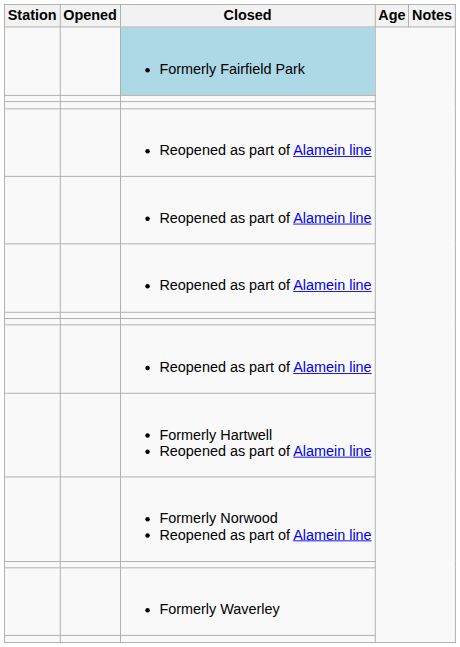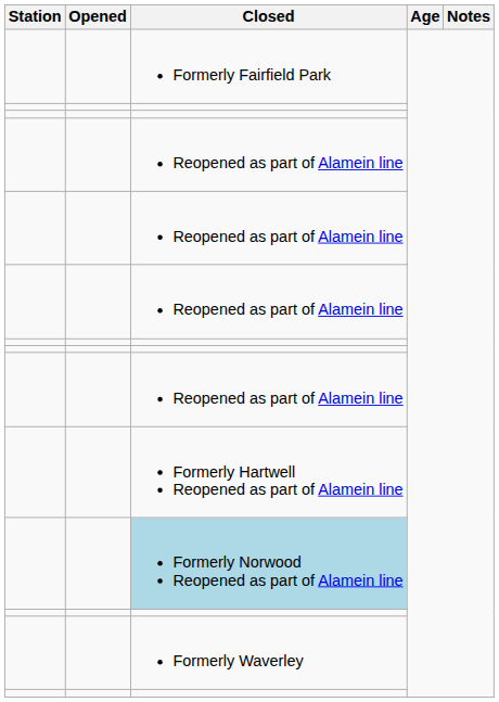 <table class="wikitable sortable">
 <tr>
 <th>Station</th>
 <th>Opened</th>
 <th>Closed</th>
 <th>Age</th>
 <th scope=col class=unsortable>Notes</th>
 </tr>
 <tr>
 <td></td>
 <td></td>
-<td style="background: lightblue;"><br><ul><li>Formerly Fairfield Park</li></ul></td>
+<td><br><ul><li>Formerly Fairfield Park</li></ul></td>
 </tr>
 <tr>
 <td></td>
 <td></td>
 <td></td>
 </tr>
 <tr>
 <td></td>
 <td></td>
 <td></td>
 </tr>
 <tr>
 <td></td>
 <td></td>
 <td><br><ul><li>Reopened as part of <a href='#'>Alamein line</a></li></ul></td>
 </tr>
 <tr>
 <td></td>
 <td></td>
 <td><br><ul><li>Reopened as part of <a href='#'>Alamein line</a></li></ul></td>
 </tr>
 <tr>
 <td></td>
 <td></td>
 <td><br><ul><li>Reopened as part of <a href='#'>Alamein line</a></li></ul></td>
 </tr>
 <tr>
 <td></td>
 <td></td>
 <td></td>
 </tr>
 <tr>
 <td></td>
 <td></td>
 <td></td>
 </tr>
 <tr>
 <td></td>
 <td></td>
 <td><br><ul><li>Reopened as part of <a href='#'>Alamein line</a></li></ul></td>
 </tr>
 <tr>
 <td></td>
 <td></td>
 <td><br><ul><li>Formerly Hartwell</li><li>Reopened as part of <a href='#'>Alamein line</a></li></ul></td>
 </tr>
 <tr>
 <td></td>
 <td></td>
-<td><br><ul><li>Formerly Norwood</li><li>Reopened as part of <a href='#'>Alamein line</a></li></ul></td>
+<td style="background: lightblue;"><br><ul><li>Formerly Norwood</li><li>Reopened as part of <a href='#'>Alamein line</a></li></ul></td>
 </tr>
 <tr>
 <td></td>
 <td></td>
 <td></td>
 </tr>
 <tr>
 <td></td>
 <td></td>
 <td><br><ul><li>Formerly Waverley</li></ul></td>
 </tr>
 <tr>
 <td></td>
 <td></td>
 <td></td>
 </tr>
 </table>
